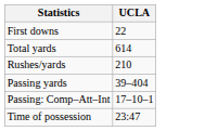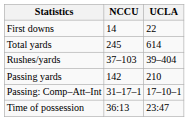 <table class="wikitable" style="float: left;">
 <tr>
 <th>Statistics</th>
+<th>NCCU</th>
 <th>UCLA</th>
 </tr>
 <tr>
 <td>First downs</td>
+<td>14</td>
 <td>22</td>
 </tr>
 <tr>
 <td>Total yards</td>
+<td>245</td>
 <td>614</td>
 </tr>
 <tr>
 <td>Rushes/yards</td>
+<td>37–103</td>
+<td>39–404</td>
+</tr>
+<tr>
+<td>Passing yards</td>
+<td>142</td>
 <td>210</td>
 </tr>
 <tr>
-<td>Passing yards</td>
-<td>39–404</td>
-</tr>
-<tr>
 <td>Passing: Comp–Att–Int</td>
+<td>31–17–1</td>
 <td>17–10–1</td>
 </tr>
 <tr>
 <td>Time of possession</td>
+<td>36:13</td>
 <td>23:47</td>
 </tr>
 </table>
